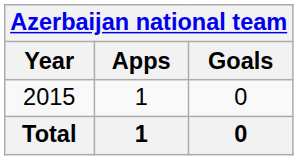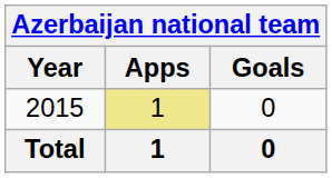 <table class="wikitable" style="text-align:center">
 <tr>
 <th colspan=3><a href='#'>Azerbaijan national team</a></th>
 </tr>
 <tr>
 <th>Year</th>
 <th>Apps</th>
 <th>Goals</th>
 </tr>
 <tr>
 <td>2015</td>
-<td>1</td>
+<td style="background: khaki;">1</td>
 <td>0</td>
 </tr>
 <tr>
 <th>Total</th>
 <th>1</th>
 <th>0</th>
 </tr>
 </table>
